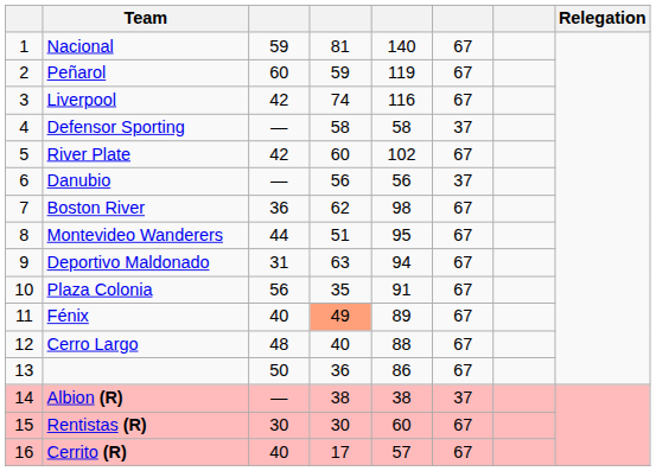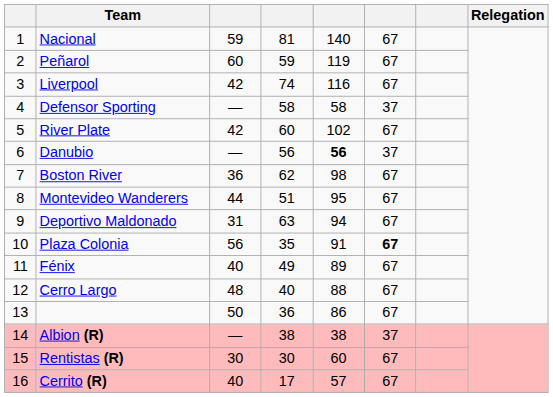 <table class="wikitable" style="text-align: center;">
 <tr>
 <th width=28><br></th>
 <th width=185>Team</th>
 <th width=50></th>
 <th width=50></th>
 <th width=50></th>
 <th width=50></th>
 <th width=50><br></th>
 <th>Relegation</th>
 </tr>
 <tr>
 <td>1</td>
 <td align="left"><a href='#'>Nacional</a></td>
 <td>59</td>
 <td>81</td>
 <td>140</td>
 <td>67</td>
 <td><strong></strong></td>
 <td rowspan=13></td>
 </tr>
 <tr>
 <td>2</td>
 <td align="left"><a href='#'>Peñarol</a></td>
 <td>60</td>
 <td>59</td>
 <td>119</td>
 <td>67</td>
 <td><strong></strong></td>
 </tr>
 <tr>
 <td>3</td>
 <td align="left"><a href='#'>Liverpool</a></td>
 <td>42</td>
 <td>74</td>
 <td>116</td>
 <td>67</td>
 <td><strong></strong></td>
 </tr>
 <tr>
 <td>4</td>
 <td align="left"><a href='#'>Defensor Sporting</a></td>
 <td>—</td>
 <td>58</td>
 <td>58</td>
 <td>37</td>
 <td><strong></strong></td>
 </tr>
 <tr>
 <td>5</td>
 <td align="left"><a href='#'>River Plate</a></td>
 <td>42</td>
 <td>60</td>
 <td>102</td>
 <td>67</td>
 <td><strong></strong></td>
 </tr>
 <tr>
 <td>6</td>
 <td align="left"><a href='#'>Danubio</a></td>
 <td>—</td>
 <td>56</td>
-<td>56</td>
+<td><strong>56</strong></td>
 <td>37</td>
 <td><strong></strong></td>
 </tr>
 <tr>
 <td>7</td>
 <td align="left"><a href='#'>Boston River</a></td>
 <td>36</td>
 <td>62</td>
 <td>98</td>
 <td>67</td>
 <td><strong></strong></td>
 </tr>
 <tr>
 <td>8</td>
 <td align="left"><a href='#'>Montevideo Wanderers</a></td>
 <td>44</td>
 <td>51</td>
 <td>95</td>
 <td>67</td>
 <td><strong></strong></td>
 </tr>
 <tr>
 <td>9</td>
 <td align="left"><a href='#'>Deportivo Maldonado</a></td>
 <td>31</td>
 <td>63</td>
 <td>94</td>
 <td>67</td>
 <td><strong></strong></td>
 </tr>
 <tr>
 <td>10</td>
 <td align="left"><a href='#'>Plaza Colonia</a></td>
 <td>56</td>
 <td>35</td>
 <td>91</td>
-<td>67</td>
+<td><strong>67</strong></td>
 <td><strong></strong></td>
 </tr>
 <tr>
 <td>11</td>
 <td align="left"><a href='#'>Fénix</a></td>
 <td>40</td>
-<td style="background: lightsalmon;">49</td>
+<td>49</td>
 <td>89</td>
 <td>67</td>
 <td><strong></strong></td>
 </tr>
 <tr>
 <td>12</td>
 <td align="left"><a href='#'>Cerro Largo</a></td>
 <td>48</td>
 <td>40</td>
 <td>88</td>
 <td>67</td>
 <td><strong></strong></td>
 </tr>
 <tr>
 <td>13</td>
 <td align="left"></td>
 <td>50</td>
 <td>36</td>
 <td>86</td>
 <td>67</td>
 <td><strong></strong></td>
 </tr>
 <tr bgcolor=#FFBBBB>
 <td>14</td>
 <td align="left"><a href='#'>Albion</a> <strong>(R)</strong></td>
 <td>—</td>
 <td>38</td>
 <td>38</td>
 <td>37</td>
 <td><strong></strong></td>
 <td rowspan=3></td>
 </tr>
 <tr bgcolor=#FFBBBB>
 <td>15</td>
 <td align="left"><a href='#'>Rentistas</a> <strong>(R)</strong></td>
 <td>30</td>
 <td>30</td>
 <td>60</td>
 <td>67</td>
 <td><strong></strong></td>
 </tr>
 <tr bgcolor=#FFBBBB>
 <td>16</td>
 <td align="left"><a href='#'>Cerrito</a> <strong>(R)</strong></td>
 <td>40</td>
 <td>17</td>
 <td>57</td>
 <td>67</td>
 <td><strong></strong></td>
 </tr>
 </table>
